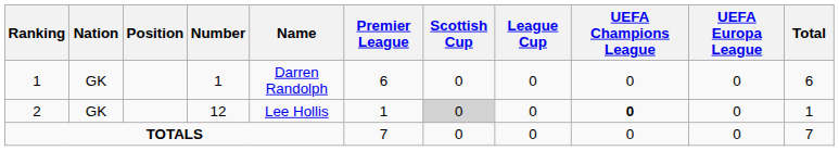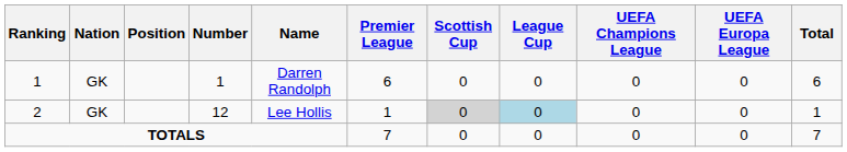 <table class="wikitable" style="font-size: 95%; text-align: center;">
 <tr>
 <th width=60>Ranking</th>
 <th width=60>Nation</th>
 <th width=60>Position</th>
 <th width=60>Number</th>
 <th width=200>Name</th>
 <th width=150><a href='#'>Premier League</a></th>
 <th width=100><a href='#'>Scottish Cup</a></th>
 <th width=150><a href='#'>League Cup</a></th>
 <th width=250><a href='#'>UEFA Champions League</a></th>
 <th width=250><a href='#'>UEFA Europa League</a></th>
 <th width=80>Total</th>
 </tr>
 <tr>
 <td>1</td>
 <td>GK</td>
 <td></td>
 <td>1</td>
 <td><a href='#'>Darren Randolph</a></td>
 <td>6</td>
 <td>0</td>
 <td>0</td>
 <td>0</td>
 <td>0</td>
 <td>6</td>
 </tr>
 <tr>
 <td>2</td>
 <td>GK</td>
 <td></td>
 <td>12</td>
 <td><a href='#'>Lee Hollis</a></td>
 <td>1</td>
 <td style="background: lightgrey;">0</td>
+<td style="background: lightblue;">0</td>
 <td>0</td>
-<td><strong>0</strong></td>
 <td>0</td>
 <td>1</td>
 </tr>
 <tr>
 <td colspan="5"><strong>TOTALS</strong></td>
 <td>7</td>
 <td>0</td>
 <td>0</td>
 <td>0</td>
 <td>0</td>
 <td>7</td>
 </tr>
 </table>
